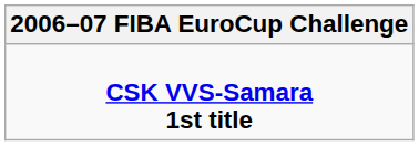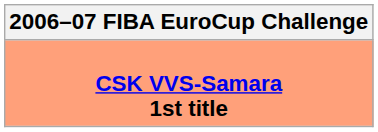 <table class=wikitable style="text-align:center; margin:auto">
 <tr>
 <th>2006–07 FIBA EuroCup Challenge</th>
 </tr>
 <tr>
-<td> <br> <strong><a href='#'>CSK VVS-Samara</a></strong> <br> <strong>1st title</strong></td>
+<td style="background: lightsalmon;"> <br> <strong><a href='#'>CSK VVS-Samara</a></strong> <br> <strong>1st title</strong></td>
 </tr>
 </table>
